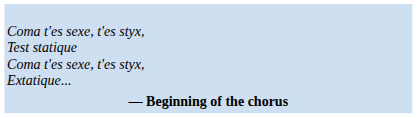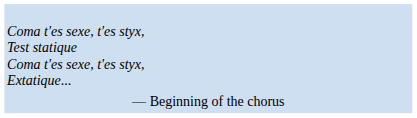 <table class="toccolours" style="float: left; margin-left: 1em; margin-right: 2em; font-size: 85%; background:#cedff2; color:black; width:30em; max-width: 20%;" cellspacing="2">
 <tr>
 <td style="text-align: left;"><br><em>Coma t'es sexe, t'es styx,</em><br> <em>Test statique</em><br> <em>Coma t'es sexe, t'es styx,</em><br> <em>Extatique</em>...<br></td>
 </tr>
 <tr>
-<td style="text-align: center;"><strong>— Beginning of the chorus</strong></td>
+<td style="text-align: center;">— Beginning of the chorus</td>
 </tr>
 </table>
